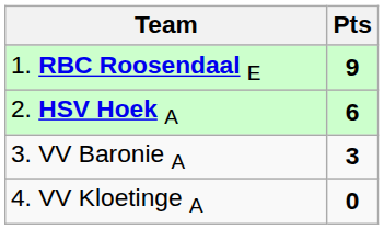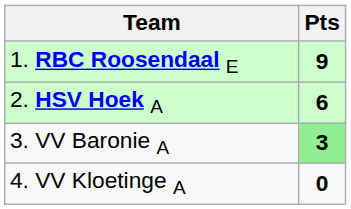 <table class="wikitable" style="text-align:center; float:left; margin-right:1em">
 <tr>
 <th style="width:200px">Team</th>
 <th width=20>Pts</th>
 </tr>
 <tr bgcolor=ccffcc>
 <td align=left>1. <strong><a href='#'>RBC Roosendaal</a></strong> <sub>E</sub></td>
 <td><strong>9</strong></td>
 </tr>
 <tr bgcolor=ccffcc>
 <td align=left>2. <strong><a href='#'>HSV Hoek</a></strong> <sub>A</sub></td>
 <td><strong>6</strong></td>
 </tr>
 <tr>
 <td align=left>3. VV Baronie <sub>A</sub></td>
-<td><strong>3</strong></td>
+<td style="background: lightgreen;"><strong>3</strong></td>
 </tr>
 <tr>
 <td align=left>4. VV Kloetinge <sub>A</sub></td>
 <td><strong>0</strong></td>
 </tr>
 </table>
